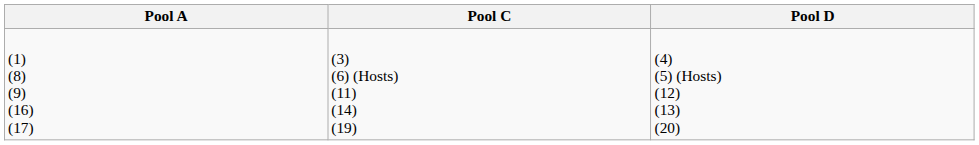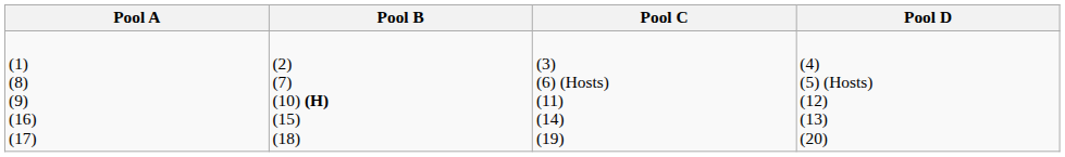 <table class="wikitable" width=80%>
 <tr>
 <th width=25%><strong>Pool A</strong></th>
+<th width=25%><strong>Pool B</strong></th>
 <th width=25%><strong>Pool C</strong></th>
 <th width=25%><strong>Pool D</strong></th>
 </tr>
 <tr>
 <td><br> (1) <br>  (8) <br>  (9) <br>  (16) <br>  (17) <br></td>
+<td><br> (2) <br>  (7)<br>   (10) <strong>(H)</strong><br>   (15) <br>  (18) <br></td>
 <td><br> (3) <br>   (6) (Hosts) <br>   (11) <br>   (14) <br>  (19) <br></td>
 <td><br> (4) <br>  (5) (Hosts) <br>  (12) <br>  (13) <br>  (20) <br></td>
 </tr>
 </table>
